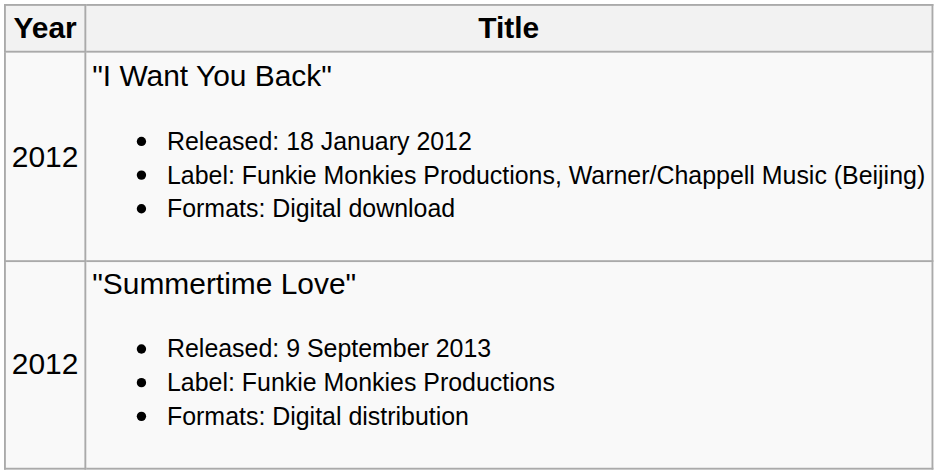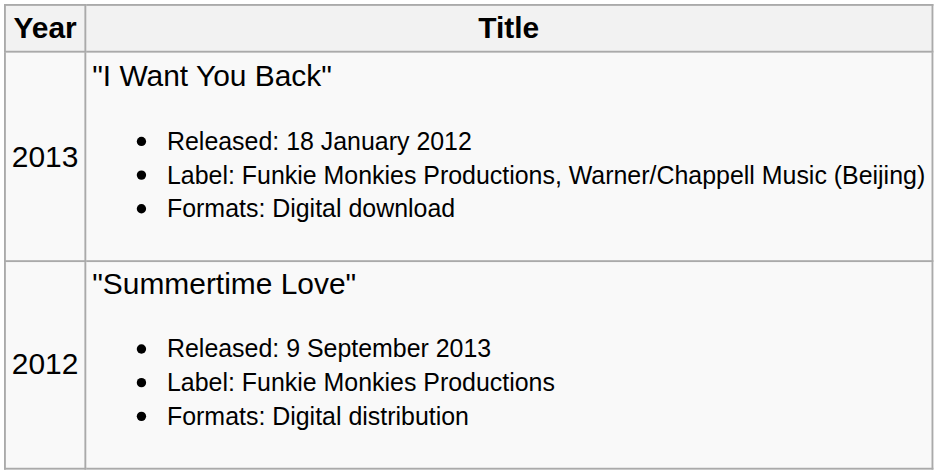 <table class="wikitable">
 <tr>
 <th rowspan="1">Year</th>
 <th rowspan="1">Title</th>
 </tr>
 <tr>
-<td>2012</td>
+<td>2013</td>
 <td>"I Want You Back"<br><ul><li><small>Released: 18 January 2012</small></li><li><small>Label: Funkie Monkies Productions, Warner/Chappell Music (Beijing)</small></li><li><small>Formats: Digital download</small></li></ul></td>
 </tr>
 <tr>
 <td>2012</td>
 <td>"Summertime Love"<br><ul><li><small>Released: 9 September 2013</small></li><li><small>Label: Funkie Monkies Productions</small></li><li><small>Formats: Digital distribution</small></li></ul></td>
 </tr>
 </table>
